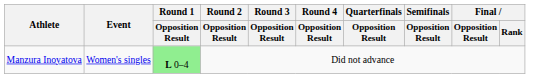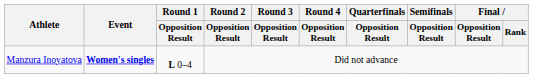 <table class="wikitable" style="font-size:90%">
 <tr>
 <th rowspan="2">Athlete</th>
 <th rowspan="2">Event</th>
 <th>Round 1</th>
 <th>Round 2</th>
 <th>Round 3</th>
 <th>Round 4</th>
 <th>Quarterfinals</th>
 <th>Semifinals</th>
 <th colspan=2>Final / </th>
 </tr>
 <tr style="font-size:95%">
 <th>Opposition<br>Result</th>
 <th>Opposition<br>Result</th>
 <th>Opposition<br>Result</th>
 <th>Opposition<br>Result</th>
 <th>Opposition<br>Result</th>
 <th>Opposition<br>Result</th>
 <th>Opposition<br>Result</th>
 <th>Rank</th>
 </tr>
 <tr align=center>
 <td align=left><a href='#'>Manzura Inoyatova</a></td>
-<td align=left><a href='#'>Women's singles</a></td>
-<td style="background: lightgreen;"><br><strong>L</strong> 0–4</td>
+<td align=left><strong><a href='#'>Women's singles</a></strong></td>
+<td><br><strong>L</strong> 0–4</td>
 <td colspan=7>Did not advance</td>
 </tr>
 </table>
